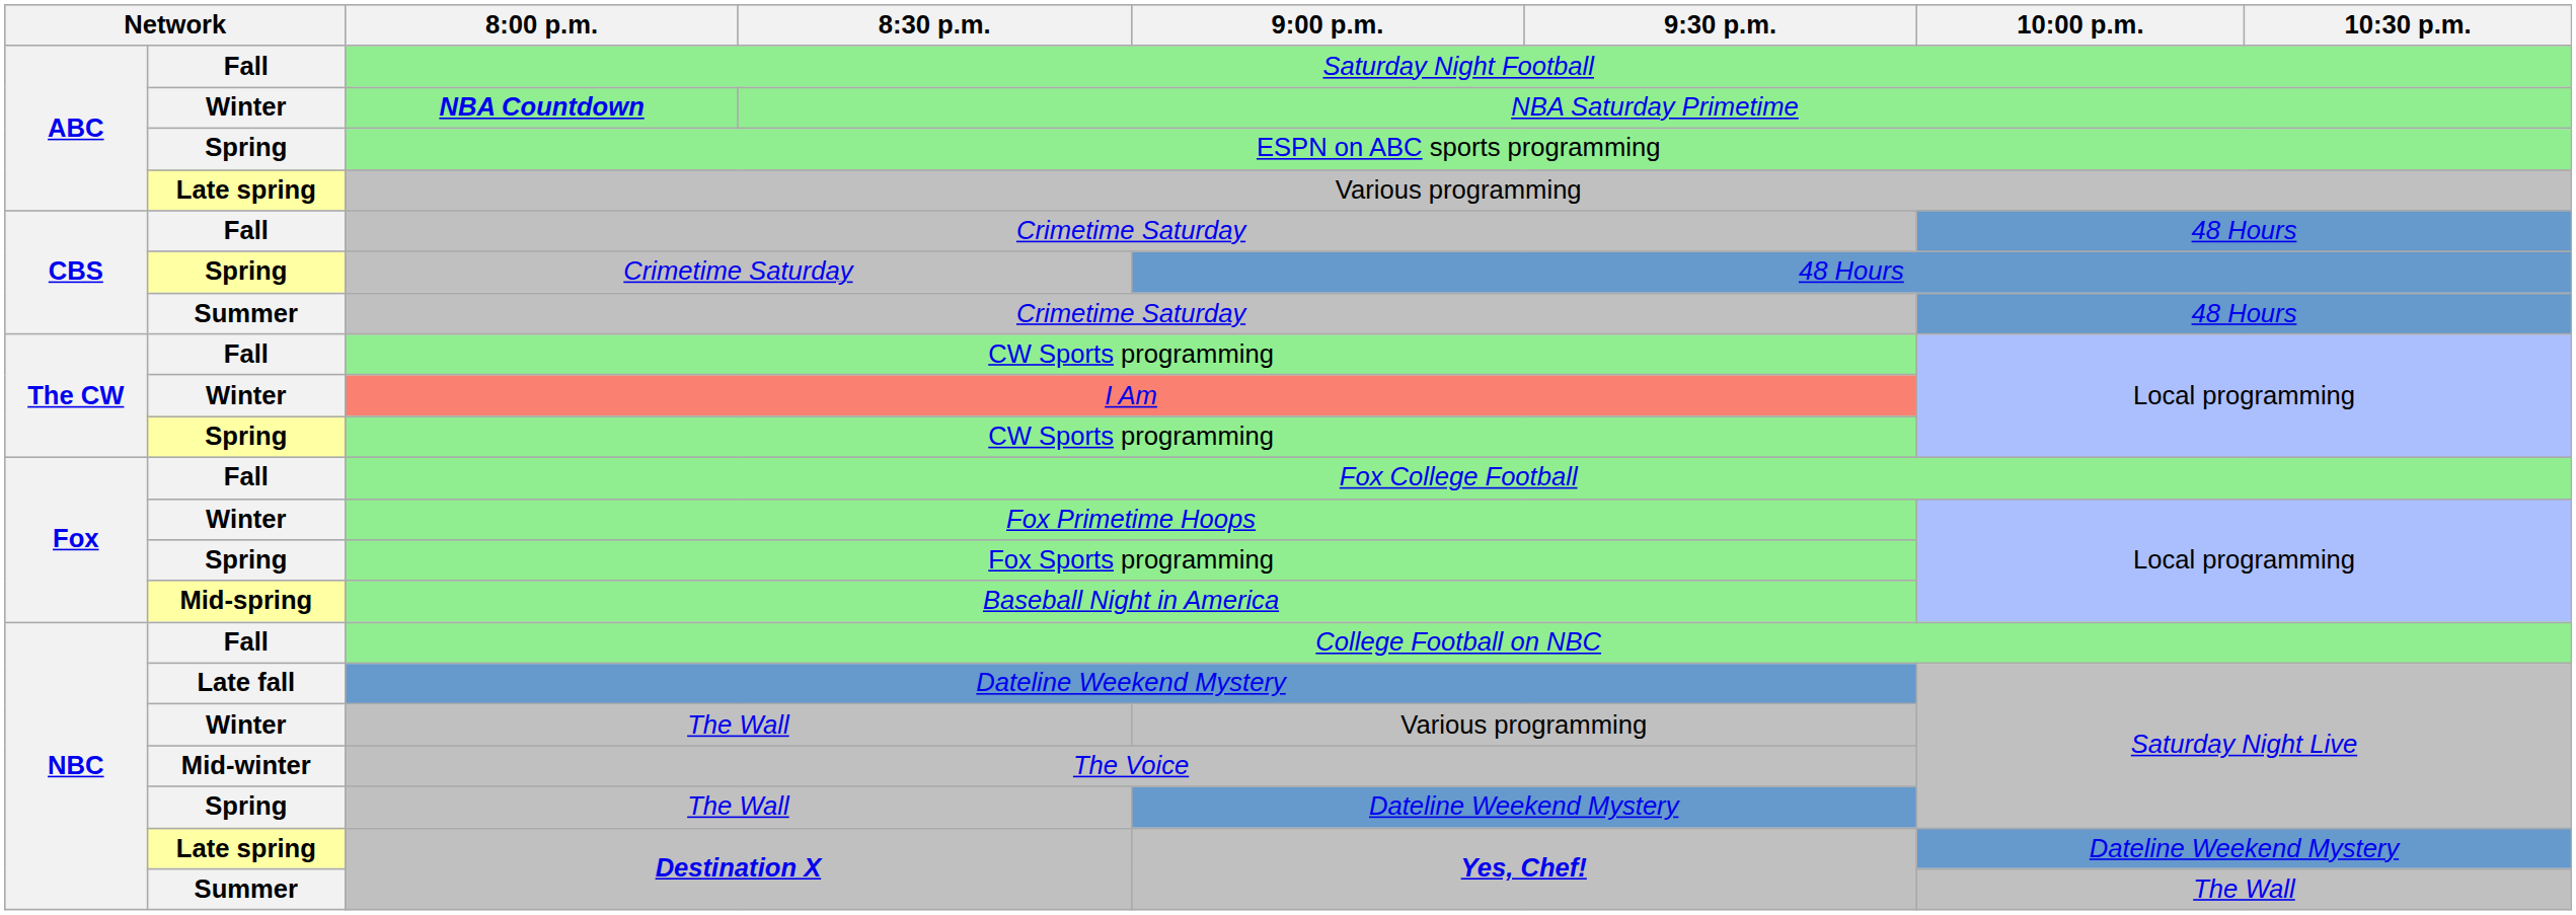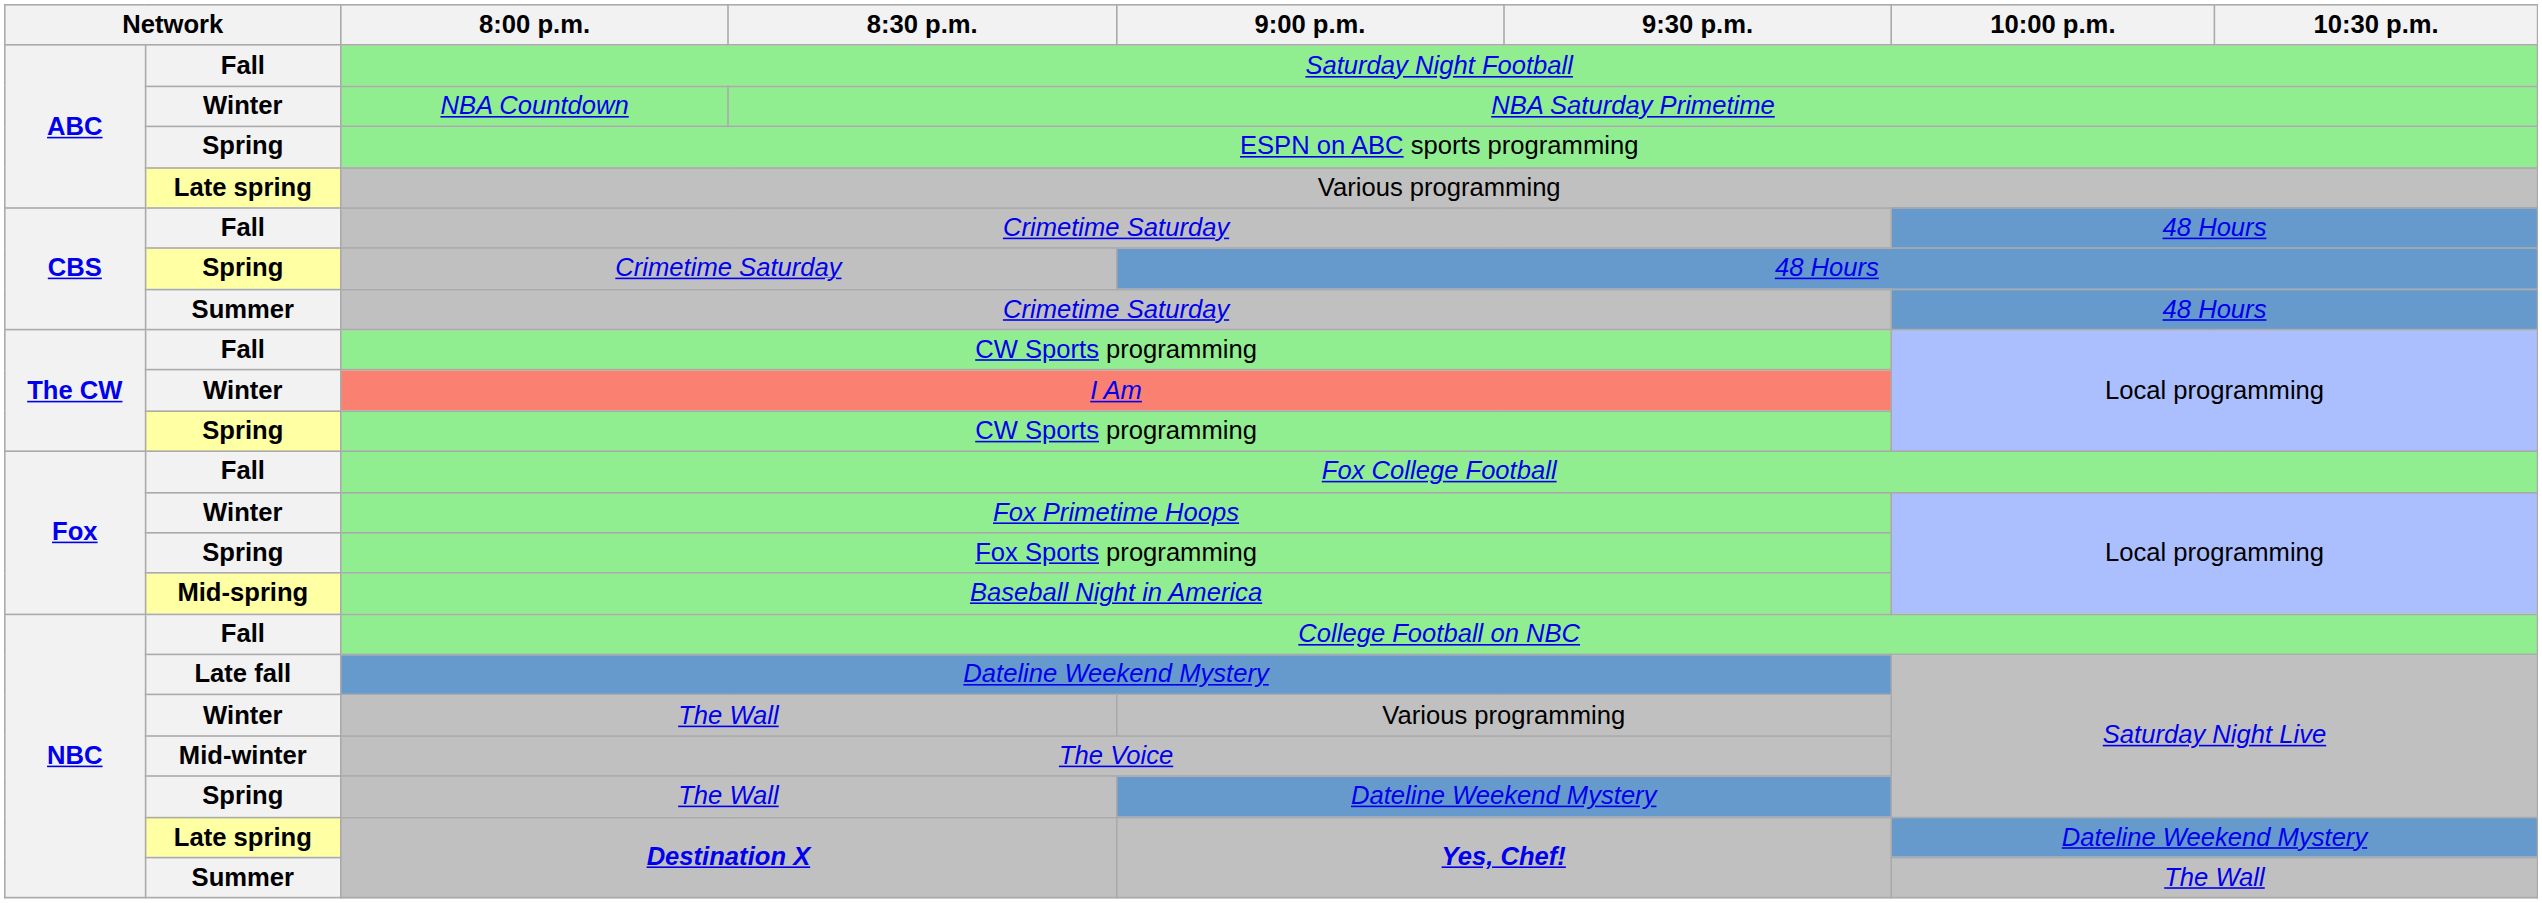 <table class="wikitable" style="width:100%;margin-right:0;text-align:center">
 <tr>
 <th colspan="2" style="width:13%;">Network</th>
 <th style="width:15%;">8:00 p.m.</th>
 <th style="width:15%;">8:30 p.m.</th>
 <th style="width:15%;">9:00 p.m.</th>
 <th style="width:15%;">9:30 p.m.</th>
 <th style="width:12.5%;">10:00 p.m.</th>
 <th style="width:12.5%;">10:30 p.m.</th>
 </tr>
 <tr>
 <th rowspan="4"><a href='#'>ABC</a></th>
 <th>Fall</th>
 <td colspan="6" style="background:lightgreen"><em><a href='#'>Saturday Night Football</a></em> </td>
 </tr>
 <tr>
 <th>Winter</th>
-<td style="background:lightgreen"><strong><em><a href='#'>NBA Countdown</a></em></strong></td>
+<td style="background:lightgreen"><em><a href='#'>NBA Countdown</a></em></td>
 <td colspan="5" style="background:lightgreen"><em><a href='#'>NBA Saturday Primetime</a></em></td>
 </tr>
 <tr>
 <th>Spring</th>
 <td colspan="6" style="background:lightgreen"><a href='#'>ESPN on ABC</a> sports programming</td>
 </tr>
 <tr>
 <th style="background:#FFFFA3;">Late spring</th>
 <td colspan="6" style="background:#C0C0C0;">Various programming</td>
 </tr>
 <tr>
 <th rowspan="3"><a href='#'>CBS</a></th>
 <th>Fall</th>
 <td colspan="4" style="background:#C0C0C0;"><em><a href='#'>Crimetime Saturday</a></em></td>
 <td colspan="2" style="background:#6699CC;"><em><a href='#'>48 Hours</a></em></td>
 </tr>
 <tr>
 <th style="background:#FFFFA3;">Spring</th>
 <td colspan="2" style="background:#C0C0C0;"><em><a href='#'>Crimetime Saturday</a></em></td>
 <td colspan="4" style="background:#6699CC;"><em><a href='#'>48 Hours</a></em> </td>
 </tr>
 <tr>
 <th>Summer</th>
 <td colspan="4" style="background:#C0C0C0;"><em><a href='#'>Crimetime Saturday</a></em> </td>
 <td colspan="2" style="background:#6699CC;"><em><a href='#'>48 Hours</a></em>  </td>
 </tr>
 <tr>
 <th rowspan="3"><a href='#'>The CW</a></th>
 <th>Fall</th>
 <td colspan="4" style="background:lightgreen;"><a href='#'>CW Sports</a> programming</td>
 <td rowspan="3" colspan="2" style="background:#abbfff;">Local programming</td>
 </tr>
 <tr>
 <th>Winter</th>
 <td colspan="4" style="background:#FA8072;"><em><a href='#'>I Am</a></em> </td>
 </tr>
 <tr>
 <th style="background:#FFFFA3;">Spring</th>
 <td colspan="4" style="background:lightgreen;"><a href='#'>CW Sports</a> programming</td>
 </tr>
 <tr>
 <th rowspan="4"><a href='#'>Fox</a></th>
 <th>Fall</th>
 <td colspan="6" style="background:lightgreen"><em><a href='#'>Fox College Football</a></em> </td>
 </tr>
 <tr>
 <th>Winter</th>
 <td colspan="4" style="background:lightgreen"><em><a href='#'>Fox Primetime Hoops</a></em></td>
 <td rowspan="3" colspan="2" style="background:#abbfff;">Local programming</td>
 </tr>
 <tr>
 <th>Spring</th>
 <td colspan="4" style="background:lightgreen"><a href='#'>Fox Sports</a> programming</td>
 </tr>
 <tr>
 <th style="background:#FFFFA3;">Mid-spring</th>
 <td colspan="4" style="background:lightgreen"><em><a href='#'>Baseball Night in America</a></em> </td>
 </tr>
 <tr>
 <th rowspan="7"><a href='#'>NBC</a></th>
 <th>Fall</th>
 <td colspan="6" style="background:lightgreen;"><em><a href='#'>College Football on NBC</a></em> </td>
 </tr>
 <tr>
 <th>Late fall</th>
 <td colspan="4" style="background:#6699CC;"><em><a href='#'>Dateline Weekend Mystery</a></em> </td>
 <td rowspan="4" colspan="2" style="background:#C0C0C0;"><em><a href='#'>Saturday Night Live</a></em> </td>
 </tr>
 <tr>
 <th>Winter</th>
 <td colspan="2" style="background:#C0C0C0;"><em><a href='#'>The Wall</a></em> </td>
 <td colspan="2" style="background:#C0C0C0;">Various programming</td>
 </tr>
 <tr>
 <th>Mid-winter</th>
 <td colspan="4" style="background:#C0C0C0;"><em><a href='#'>The Voice</a></em> </td>
 </tr>
 <tr>
 <th>Spring</th>
 <td colspan="2" style="background:#C0C0C0;"><em><a href='#'>The Wall</a></em> </td>
 <td colspan="2" style="background:#6699CC;"><em><a href='#'>Dateline Weekend Mystery</a></em> </td>
 </tr>
 <tr>
 <th style="background:#FFFFA3;">Late spring</th>
 <td rowspan="2" colspan="2" style="background:#C0C0C0;"><strong><em><a href='#'>Destination X</a></em></strong>  </td>
 <td rowspan="2" colspan="2" style="background:#C0C0C0;"><strong><em><a href='#'>Yes, Chef!</a></em></strong> </td>
 <td colspan="2" style="background:#6699CC;"><em><a href='#'>Dateline Weekend Mystery</a></em> </td>
 </tr>
 <tr>
 <th>Summer</th>
 <td colspan="2" style="background:#C0C0C0;"><em><a href='#'>The Wall</a></em>  </td>
 </tr>
 </table>
